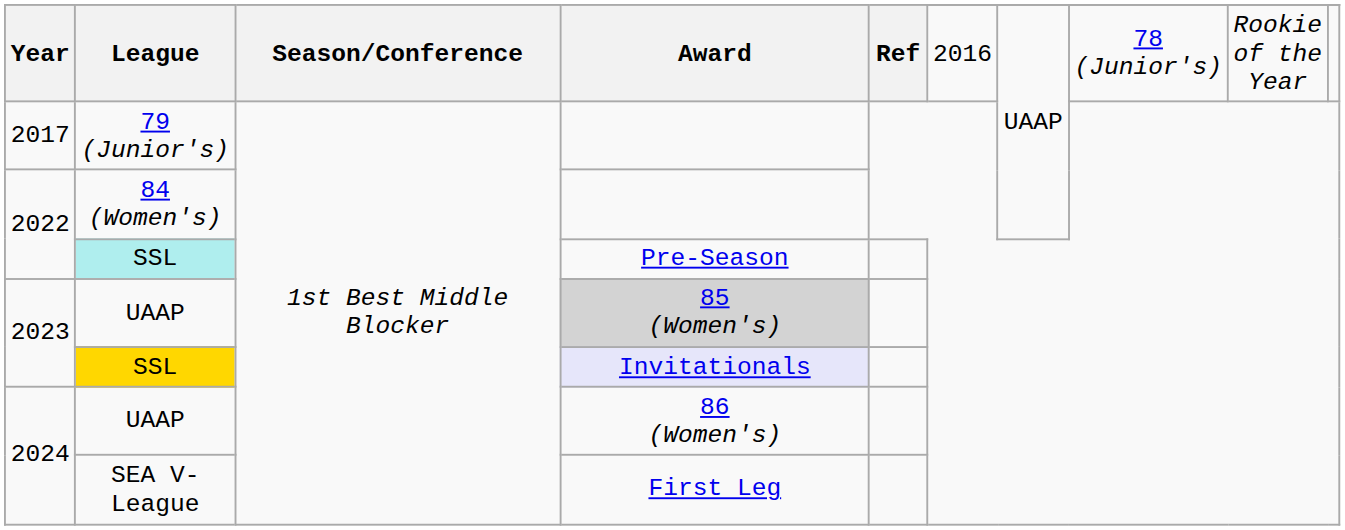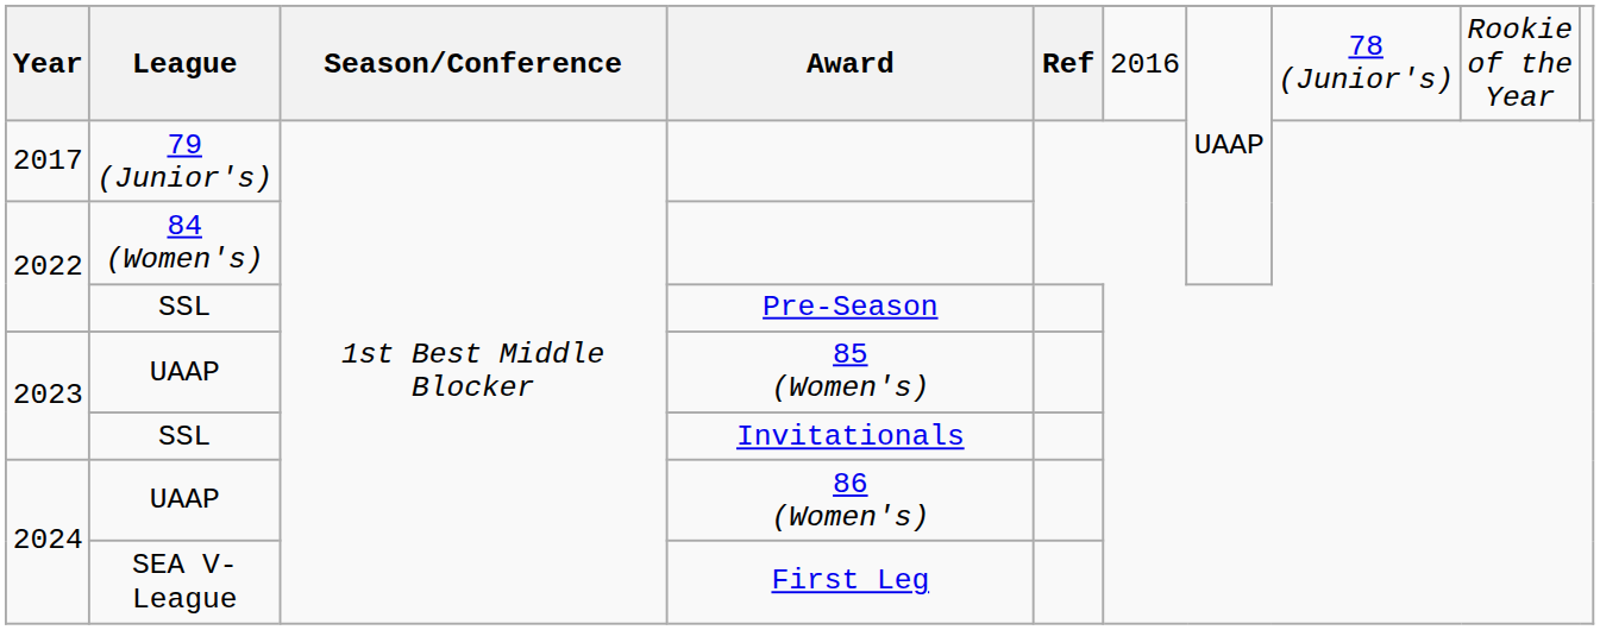 <table class="wikitable sortable" style="text-align:center" width="80%">
 <tr>
 <th style="width:5px;" rowspan="2">Year</th>
 <th style="width:10px;" rowspan="2">League</th>
 <th style="width:180px;" rowspan="2">Season/Conference</th>
 <th style="width:180px;" rowspan="2">Award</th>
 <th style="width:25px;" rowspan="2">Ref</th>
 </tr>
 <tr align=center>
 <td>2016</td>
 <td rowspan=3>UAAP</td>
 <td><a href='#'>78</a><br><em>(Junior's)</em></td>
 <td><em>Rookie of the Year</em></td>
 <td></td>
 </tr>
 <tr align=center>
 <td>2017</td>
 <td><a href='#'>79</a><br><em>(Junior's)</em></td>
 <td rowspan="10"><em>1st Best Middle Blocker</em></td>
 <td></td>
 </tr>
 <tr>
 <td rowspan="2">2022</td>
 <td><a href='#'>84</a><br><em>(Women's)</em></td>
 <td></td>
 </tr>
 <tr>
-<td style="background: paleturquoise;">SSL</td>
+<td>SSL</td>
 <td><a href='#'>Pre-Season</a></td>
 <td></td>
 </tr>
 <tr>
 <td rowspan="2">2023</td>
 <td>UAAP</td>
-<td style="background: lightgrey;"><a href='#'>85</a><br><em>(Women's)</em></td>
+<td><a href='#'>85</a><br><em>(Women's)</em></td>
 <td></td>
 </tr>
 <tr>
-<td style="background: gold;">SSL</td>
-<td style="background: lavender;"><a href='#'>Invitationals</a></td>
+<td>SSL</td>
+<td><a href='#'>Invitationals</a></td>
 <td></td>
 </tr>
 <tr>
 <td rowspan="2">2024</td>
 <td>UAAP</td>
 <td><a href='#'>86</a><br><em>(Women's)</em></td>
 <td></td>
 </tr>
 <tr>
 <td>SEA V-League</td>
 <td><a href='#'>First Leg</a></td>
 <td></td>
 </tr>
 </table>
